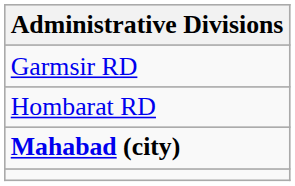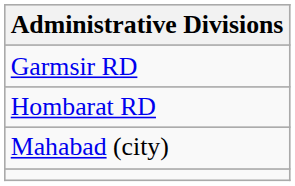 <table class="wikitable">
 <tr>
 <th>Administrative Divisions</th>
 </tr>
 <tr>
 <td><a href='#'>Garmsir RD</a></td>
 </tr>
 <tr>
 <td><a href='#'>Hombarat RD</a></td>
 </tr>
 <tr>
-<td><strong><a href='#'>Mahabad</a> (city)</strong></td>
+<td><a href='#'>Mahabad</a> (city)</td>
 </tr>
 <tr>
 <td colspan=1></td>
 </tr>
 </table>
